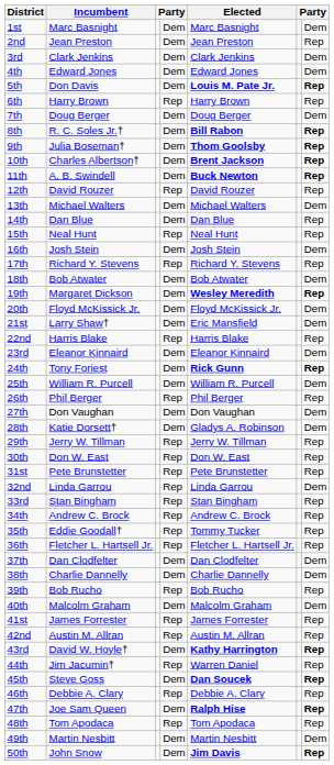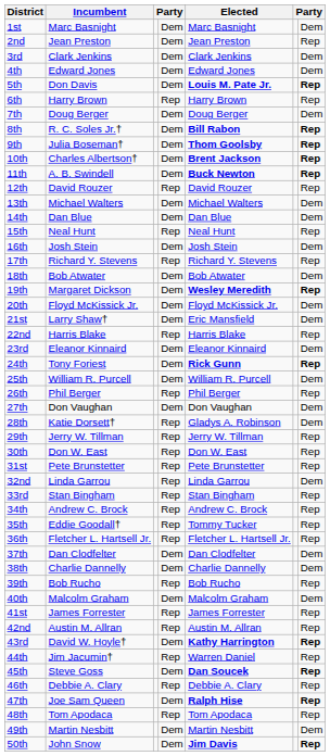 <table class="sortable wikitable" style="font-size:95%;line-height:14px;">
 <tr>
 <th class="unsortable">District</th>
 <th class="unsortable"><a href='#'>Incumbent</a></th>
 <th colspan="2">Party</th>
 <th class="unsortable">Elected</th>
 <th colspan="2">Party</th>
 </tr>
 <tr>
 <td><a href='#'>1st</a></td>
 <td><a href='#'>Marc Basnight</a></td>
 <td style="background:"></td>
 <td>Dem</td>
 <td><a href='#'>Marc Basnight</a></td>
 <td style="background:"></td>
 <td>Dem</td>
 </tr>
 <tr>
 <td><a href='#'>2nd</a></td>
 <td><a href='#'>Jean Preston</a></td>
 <td style="background:"></td>
 <td>Dem</td>
 <td><a href='#'>Jean Preston</a></td>
 <td style="background:"></td>
 <td>Rep</td>
 </tr>
 <tr>
 <td><a href='#'>3rd</a></td>
 <td><a href='#'>Clark Jenkins</a></td>
 <td style="background:"></td>
 <td>Dem</td>
 <td><a href='#'>Clark Jenkins</a></td>
 <td style="background:"></td>
 <td>Dem</td>
 </tr>
 <tr>
 <td><a href='#'>4th</a></td>
 <td><a href='#'>Edward Jones</a></td>
 <td style="background:"></td>
 <td>Dem</td>
 <td><a href='#'>Edward Jones</a></td>
 <td style="background:"></td>
 <td>Dem</td>
 </tr>
 <tr>
 <td><a href='#'>5th</a></td>
 <td><a href='#'>Don Davis</a></td>
 <td style="background:"></td>
 <td>Dem</td>
 <td><strong><a href='#'>Louis M. Pate Jr.</a></strong></td>
 <td style="background:"></td>
 <td><strong>Rep</strong></td>
 </tr>
 <tr>
 <td><a href='#'>6th</a></td>
 <td><a href='#'>Harry Brown</a></td>
 <td style="background:"></td>
 <td>Rep</td>
 <td><a href='#'>Harry Brown</a></td>
 <td style="background:"></td>
 <td>Rep</td>
 </tr>
 <tr>
 <td><a href='#'>7th</a></td>
 <td><a href='#'>Doug Berger</a></td>
 <td style="background:"></td>
 <td>Dem</td>
 <td><a href='#'>Doug Berger</a></td>
 <td style="background:"></td>
 <td>Dem</td>
 </tr>
 <tr>
 <td><a href='#'>8th</a></td>
 <td><a href='#'>R. C. Soles Jr.</a>†</td>
 <td style="background:"></td>
 <td>Dem</td>
 <td><strong><a href='#'>Bill Rabon</a></strong></td>
 <td style="background:"></td>
 <td><strong>Rep</strong></td>
 </tr>
 <tr>
 <td><a href='#'>9th</a></td>
 <td><a href='#'>Julia Boseman</a>†</td>
 <td style="background:"></td>
 <td>Dem</td>
 <td><strong><a href='#'>Thom Goolsby</a></strong></td>
 <td style="background:"></td>
 <td><strong>Rep</strong></td>
 </tr>
 <tr>
 <td><a href='#'>10th</a></td>
 <td><a href='#'>Charles Albertson</a>†</td>
 <td style="background:"></td>
 <td>Dem</td>
 <td><strong><a href='#'>Brent Jackson</a></strong></td>
 <td style="background:"></td>
 <td><strong>Rep</strong></td>
 </tr>
 <tr>
 <td><a href='#'>11th</a></td>
 <td><a href='#'>A. B. Swindell</a></td>
 <td style="background:"></td>
 <td>Dem</td>
 <td><strong><a href='#'>Buck Newton</a></strong></td>
 <td style="background:"></td>
 <td><strong>Rep</strong></td>
 </tr>
 <tr>
 <td><a href='#'>12th</a></td>
 <td><a href='#'>David Rouzer</a></td>
 <td style="background:"></td>
 <td>Rep</td>
 <td><a href='#'>David Rouzer</a></td>
 <td style="background:"></td>
 <td>Rep</td>
 </tr>
 <tr>
 <td><a href='#'>13th</a></td>
 <td><a href='#'>Michael Walters</a></td>
 <td style="background:"></td>
 <td>Dem</td>
 <td><a href='#'>Michael Walters</a></td>
 <td style="background:"></td>
 <td>Dem</td>
 </tr>
 <tr>
 <td><a href='#'>14th</a></td>
 <td><a href='#'>Dan Blue</a></td>
 <td style="background:"></td>
 <td>Dem</td>
 <td><a href='#'>Dan Blue</a></td>
 <td style="background:"></td>
-<td>Rep</td>
+<td>Dem</td>
 </tr>
 <tr>
 <td><a href='#'>15th</a></td>
 <td><a href='#'>Neal Hunt</a></td>
 <td style="background:"></td>
 <td>Rep</td>
 <td><a href='#'>Neal Hunt</a></td>
 <td style="background:"></td>
 <td>Rep</td>
 </tr>
 <tr>
 <td><a href='#'>16th</a></td>
 <td><a href='#'>Josh Stein</a></td>
 <td style="background:"></td>
 <td>Dem</td>
 <td><a href='#'>Josh Stein</a></td>
 <td style="background:"></td>
 <td>Dem</td>
 </tr>
 <tr>
 <td><a href='#'>17th</a></td>
 <td><a href='#'>Richard Y. Stevens</a></td>
 <td style="background:"></td>
 <td>Rep</td>
 <td><a href='#'>Richard Y. Stevens</a></td>
 <td style="background:"></td>
 <td>Rep</td>
 </tr>
 <tr>
 <td><a href='#'>18th</a></td>
 <td><a href='#'>Bob Atwater</a></td>
 <td style="background:"></td>
 <td>Dem</td>
 <td><a href='#'>Bob Atwater</a></td>
 <td style="background:"></td>
 <td>Dem</td>
 </tr>
 <tr>
 <td><a href='#'>19th</a></td>
 <td><a href='#'>Margaret Dickson</a></td>
 <td style="background:"></td>
 <td>Dem</td>
 <td><strong><a href='#'>Wesley Meredith</a></strong></td>
 <td style="background:"></td>
 <td><strong>Rep</strong></td>
 </tr>
 <tr>
 <td><a href='#'>20th</a></td>
 <td><a href='#'>Floyd McKissick Jr.</a></td>
 <td style="background:"></td>
 <td>Dem</td>
 <td><a href='#'>Floyd McKissick Jr.</a></td>
 <td style="background:"></td>
 <td>Dem</td>
 </tr>
 <tr>
 <td><a href='#'>21st</a></td>
 <td><a href='#'>Larry Shaw</a>†</td>
 <td style="background:"></td>
 <td>Dem</td>
 <td><a href='#'>Eric Mansfield</a></td>
 <td style="background:"></td>
 <td>Dem</td>
 </tr>
 <tr>
 <td><a href='#'>22nd</a></td>
 <td><a href='#'>Harris Blake</a></td>
 <td style="background:"></td>
 <td>Rep</td>
 <td><a href='#'>Harris Blake</a></td>
 <td style="background:"></td>
 <td>Rep</td>
 </tr>
 <tr>
 <td><a href='#'>23rd</a></td>
 <td><a href='#'>Eleanor Kinnaird</a></td>
 <td style="background:"></td>
 <td>Dem</td>
 <td><a href='#'>Eleanor Kinnaird</a></td>
 <td style="background:"></td>
 <td>Dem</td>
 </tr>
 <tr>
 <td><a href='#'>24th</a></td>
 <td><a href='#'>Tony Foriest</a></td>
 <td style="background:"></td>
 <td>Dem</td>
 <td><strong><a href='#'>Rick Gunn</a></strong></td>
 <td style="background:"></td>
 <td><strong>Rep</strong></td>
 </tr>
 <tr>
 <td><a href='#'>25th</a></td>
 <td><a href='#'>William R. Purcell</a></td>
 <td style="background:"></td>
 <td>Dem</td>
 <td><a href='#'>William R. Purcell</a></td>
 <td style="background:"></td>
 <td>Dem</td>
 </tr>
 <tr>
 <td><a href='#'>26th</a></td>
 <td><a href='#'>Phil Berger</a></td>
 <td style="background:"></td>
 <td>Rep</td>
 <td><a href='#'>Phil Berger</a></td>
 <td style="background:"></td>
 <td>Rep</td>
 </tr>
 <tr>
 <td><a href='#'>27th</a></td>
 <td>Don Vaughan</td>
 <td style="background:"></td>
 <td>Dem</td>
 <td>Don Vaughan</td>
 <td style="background:"></td>
 <td>Dem</td>
 </tr>
 <tr>
 <td><a href='#'>28th</a></td>
 <td><a href='#'>Katie Dorsett</a>†</td>
 <td style="background:"></td>
-<td>Dem</td>
+<td>Rep</td>
 <td><a href='#'>Gladys A. Robinson</a></td>
 <td style="background:"></td>
 <td>Dem</td>
 </tr>
 <tr>
 <td><a href='#'>29th</a></td>
 <td><a href='#'>Jerry W. Tillman</a></td>
 <td style="background:"></td>
 <td>Rep</td>
 <td><a href='#'>Jerry W. Tillman</a></td>
 <td style="background:"></td>
 <td>Rep</td>
 </tr>
 <tr>
 <td><a href='#'>30th</a></td>
 <td><a href='#'>Don W. East</a></td>
 <td style="background:"></td>
 <td>Rep</td>
 <td><a href='#'>Don W. East</a></td>
 <td style="background:"></td>
 <td>Rep</td>
 </tr>
 <tr>
 <td><a href='#'>31st</a></td>
 <td><a href='#'>Pete Brunstetter</a></td>
 <td style="background:"></td>
 <td>Rep</td>
 <td><a href='#'>Pete Brunstetter</a></td>
 <td style="background:"></td>
 <td>Rep</td>
 </tr>
 <tr>
 <td><a href='#'>32nd</a></td>
 <td><a href='#'>Linda Garrou</a></td>
 <td style="background:"></td>
 <td>Rep</td>
 <td><a href='#'>Linda Garrou</a></td>
 <td style="background:"></td>
 <td>Dem</td>
 </tr>
 <tr>
 <td><a href='#'>33rd</a></td>
 <td><a href='#'>Stan Bingham</a></td>
 <td style="background:"></td>
 <td>Rep</td>
 <td><a href='#'>Stan Bingham</a></td>
 <td style="background:"></td>
 <td>Rep</td>
 </tr>
 <tr>
 <td><a href='#'>34th</a></td>
 <td><a href='#'>Andrew C. Brock</a></td>
 <td style="background:"></td>
 <td>Rep</td>
 <td><a href='#'>Andrew C. Brock</a></td>
 <td style="background:"></td>
 <td>Rep</td>
 </tr>
 <tr>
 <td><a href='#'>35th</a></td>
 <td><a href='#'>Eddie Goodall</a>†</td>
 <td style="background:"></td>
 <td>Rep</td>
 <td><a href='#'>Tommy Tucker</a></td>
 <td style="background:"></td>
 <td>Rep</td>
 </tr>
 <tr>
 <td><a href='#'>36th</a></td>
 <td><a href='#'>Fletcher L. Hartsell Jr.</a></td>
 <td style="background:"></td>
 <td>Rep</td>
 <td><a href='#'>Fletcher L. Hartsell Jr.</a></td>
 <td style="background:"></td>
 <td>Rep</td>
 </tr>
 <tr>
 <td><a href='#'>37th</a></td>
 <td><a href='#'>Dan Clodfelter</a></td>
 <td style="background:"></td>
 <td>Dem</td>
 <td><a href='#'>Dan Clodfelter</a></td>
 <td style="background:"></td>
 <td>Dem</td>
 </tr>
 <tr>
 <td><a href='#'>38th</a></td>
 <td><a href='#'>Charlie Dannelly</a></td>
 <td style="background:"></td>
 <td>Dem</td>
 <td><a href='#'>Charlie Dannelly</a></td>
 <td style="background:"></td>
 <td>Dem</td>
 </tr>
 <tr>
 <td><a href='#'>39th</a></td>
 <td><a href='#'>Bob Rucho</a></td>
 <td style="background:"></td>
 <td>Rep</td>
 <td><a href='#'>Bob Rucho</a></td>
 <td style="background:"></td>
 <td>Rep</td>
 </tr>
 <tr>
 <td><a href='#'>40th</a></td>
 <td><a href='#'>Malcolm Graham</a></td>
 <td style="background:"></td>
 <td>Dem</td>
 <td><a href='#'>Malcolm Graham</a></td>
 <td style="background:"></td>
 <td>Dem</td>
 </tr>
 <tr>
 <td><a href='#'>41st</a></td>
 <td><a href='#'>James Forrester</a></td>
 <td style="background:"></td>
 <td>Rep</td>
 <td><a href='#'>James Forrester</a></td>
 <td style="background:"></td>
 <td>Rep</td>
 </tr>
 <tr>
 <td><a href='#'>42nd</a></td>
 <td><a href='#'>Austin M. Allran</a></td>
 <td style="background:"></td>
 <td>Rep</td>
 <td><a href='#'>Austin M. Allran</a></td>
 <td style="background:"></td>
 <td>Rep</td>
 </tr>
 <tr>
 <td><a href='#'>43rd</a></td>
 <td><a href='#'>David W. Hoyle</a>†</td>
 <td style="background:"></td>
 <td>Dem</td>
 <td><strong><a href='#'>Kathy Harrington</a></strong></td>
 <td style="background:"></td>
 <td><strong>Rep</strong></td>
 </tr>
 <tr>
 <td><a href='#'>44th</a></td>
 <td><a href='#'>Jim Jacumin</a>†</td>
 <td style="background:"></td>
 <td>Rep</td>
 <td><a href='#'>Warren Daniel</a></td>
 <td style="background:"></td>
 <td>Rep</td>
 </tr>
 <tr>
 <td><a href='#'>45th</a></td>
 <td><a href='#'>Steve Goss</a></td>
 <td style="background:"></td>
 <td>Dem</td>
 <td><strong><a href='#'>Dan Soucek</a></strong></td>
 <td style="background:"></td>
 <td><strong>Rep</strong></td>
 </tr>
 <tr>
 <td><a href='#'>46th</a></td>
 <td><a href='#'>Debbie A. Clary</a></td>
 <td style="background:"></td>
 <td>Rep</td>
 <td><a href='#'>Debbie A. Clary</a></td>
 <td style="background:"></td>
 <td>Rep</td>
 </tr>
 <tr>
 <td><a href='#'>47th</a></td>
 <td><a href='#'>Joe Sam Queen</a></td>
 <td style="background:"></td>
 <td>Dem</td>
 <td><strong><a href='#'>Ralph Hise</a></strong></td>
 <td style="background:"></td>
 <td><strong>Rep</strong></td>
 </tr>
 <tr>
 <td><a href='#'>48th</a></td>
 <td><a href='#'>Tom Apodaca</a></td>
 <td style="background:"></td>
 <td>Rep</td>
 <td><a href='#'>Tom Apodaca</a></td>
 <td style="background:"></td>
 <td>Rep</td>
 </tr>
 <tr>
 <td><a href='#'>49th</a></td>
 <td><a href='#'>Martin Nesbitt</a></td>
 <td style="background:"></td>
 <td>Dem</td>
 <td><a href='#'>Martin Nesbitt</a></td>
 <td style="background:"></td>
 <td>Dem</td>
 </tr>
 <tr>
 <td><a href='#'>50th</a></td>
 <td><a href='#'>John Snow</a></td>
 <td style="background:"></td>
 <td>Dem</td>
 <td><strong><a href='#'>Jim Davis</a></strong></td>
 <td style="background:"></td>
 <td><strong>Rep</strong></td>
 </tr>
 </table>
